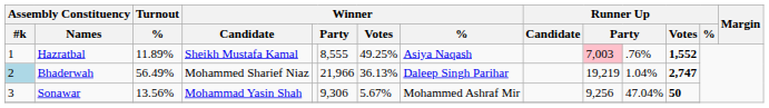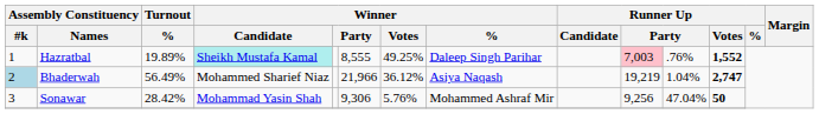 <table class="wikitable sortable">
 <tr>
 <th colspan="2">Assembly Constituency</th>
 <th>Turnout</th>
 <th colspan="5">Winner</th>
 <th colspan="5">Runner Up</th>
 <th rowspan="2" data-sort-type=number>Margin</th>
 </tr>
 <tr>
 <th>#k</th>
 <th>Names</th>
 <th>%</th>
 <th>Candidate</th>
 <th colspan="2">Party</th>
 <th data-sort-type=number>Votes</th>
 <th>%</th>
 <th>Candidate</th>
 <th colspan="2">Party</th>
 <th data-sort-type=number>Votes</th>
 <th>%</th>
 </tr>
 <tr>
 <td>1</td>
 <td><a href='#'>Hazratbal</a></td>
-<td>11.89%</td>
-<td><a href='#'>Sheikh Mustafa Kamal</a></td>
+<td>19.89%</td>
+<td style="background: paleturquoise;"><a href='#'>Sheikh Mustafa Kamal</a></td>
 <td></td>
 <td>8,555</td>
 <td>49.25%</td>
-<td><a href='#'>Asiya Naqash</a></td>
+<td><a href='#'>Daleep Singh Parihar</a></td>
 <td></td>
 <td style="background: pink;">7,003</td>
 <td>.76%</td>
 <td style="background:"><span><strong>1,552</strong></span></td>
 </tr>
 <tr>
 <td style="background: lightblue;">2</td>
 <td><a href='#'>Bhaderwah</a></td>
 <td>56.49%</td>
 <td>Mohammed Sharief Niaz</td>
 <td></td>
 <td>21,966</td>
-<td>36.13%</td>
-<td><a href='#'>Daleep Singh Parihar</a></td>
+<td>36.12%</td>
+<td><a href='#'>Asiya Naqash</a></td>
 <td></td>
 <td>19,219</td>
 <td>1.04%</td>
 <td style="background:"><span><strong>2,747</strong></span></td>
 </tr>
 <tr>
 <td>3</td>
 <td><a href='#'>Sonawar</a></td>
-<td>13.56%</td>
+<td>28.42%</td>
 <td><a href='#'>Mohammad Yasin Shah</a></td>
 <td></td>
 <td>9,306</td>
-<td>5.67%</td>
+<td>5.76%</td>
 <td>Mohammed Ashraf Mir</td>
 <td></td>
 <td>9,256</td>
 <td>47.04%</td>
 <td style="background:"><span><strong>50</strong></span></td>
 </tr>
 <tr>
 </tr>
 </table>
